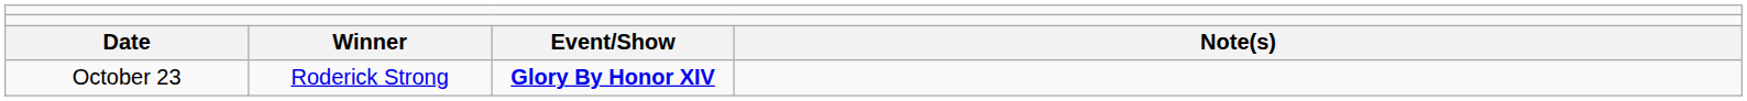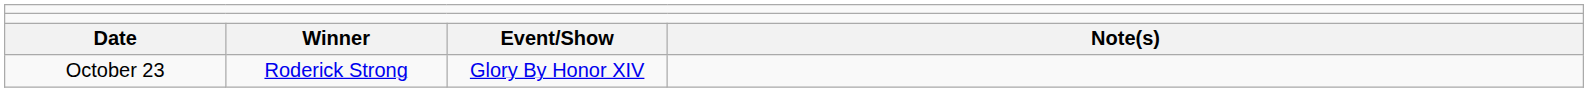 <table class="wikitable" style="text-align:center; width:100%;">
 <tr>
 <td colspan="5"></td>
 </tr>
 <tr>
 <td colspan="5"><strong></strong></td>
 </tr>
 <tr>
 <th width=14%>Date</th>
 <th width=14%>Winner</th>
 <th width=14%>Event/Show</th>
 <th width=58%>Note(s)</th>
 </tr>
 <tr>
 <td>October 23</td>
 <td><a href='#'>Roderick Strong</a></td>
-<td><strong><a href='#'>Glory By Honor XIV</a></strong></td>
+<td><a href='#'>Glory By Honor XIV</a></td>
 <td align="left"></td>
 </tr>
 </table>
